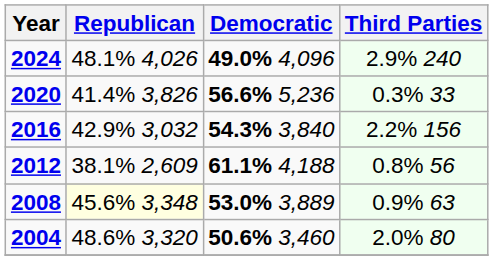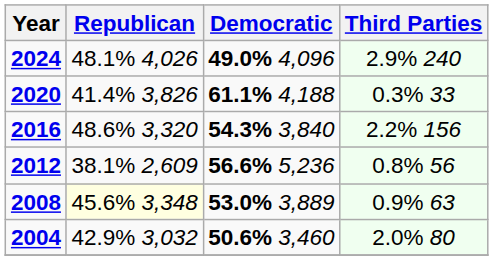 <table class="wikitable" style="float:right; font-size:95%;">
 <tr>
 <th>Year</th>
 <th><a href='#'>Republican</a></th>
 <th><a href='#'>Democratic</a></th>
 <th><a href='#'>Third Parties</a></th>
 </tr>
 <tr>
 <td style="text-align:center;" ><strong><a href='#'>2024</a></strong></td>
 <td style="text-align:center;" >48.1% <em>4,026</em></td>
 <td style="text-align:center;" ><strong>49.0%</strong>  <em>4,096</em></td>
 <td style="text-align:center; background:honeyDew;">2.9% <em>240</em></td>
 </tr>
 <tr>
 <td style="text-align:center;" ><strong><a href='#'>2020</a></strong></td>
 <td style="text-align:center;" >41.4% <em>3,826</em></td>
-<td style="text-align:center;" ><strong>56.6%</strong>  <em>5,236</em></td>
+<td style="text-align:center;" ><strong>61.1%</strong> <em>4,188</em></td>
 <td style="text-align:center; background:honeyDew;">0.3% <em>33</em></td>
 </tr>
 <tr>
 <td style="text-align:center;" ><strong><a href='#'>2016</a></strong></td>
-<td style="text-align:center;" >42.9% <em>3,032</em></td>
+<td style="text-align:center;" >48.6% <em>3,320</em></td>
 <td style="text-align:center;" ><strong>54.3%</strong> <em>3,840</em></td>
 <td style="text-align:center; background:honeyDew;">2.2% <em>156</em></td>
 </tr>
 <tr>
 <td style="text-align:center;" ><strong><a href='#'>2012</a></strong></td>
 <td style="text-align:center;" >38.1% <em>2,609</em></td>
-<td style="text-align:center;" ><strong>61.1%</strong> <em>4,188</em></td>
+<td style="text-align:center;" ><strong>56.6%</strong>  <em>5,236</em></td>
 <td style="text-align:center; background:honeyDew;">0.8% <em>56</em></td>
 </tr>
 <tr>
 <td style="text-align:center;" ><strong><a href='#'>2008</a></strong></td>
 <td style="background: lightyellow; text-align:center;" >45.6%  <em>3,348</em></td>
 <td style="text-align:center;" ><strong>53.0%</strong> <em>3,889</em></td>
 <td style="text-align:center; background:honeyDew;">0.9% <em>63</em></td>
 </tr>
 <tr>
 <td style="text-align:center;" ><strong><a href='#'>2004</a></strong></td>
-<td style="text-align:center;" >48.6% <em>3,320</em></td>
+<td style="text-align:center;" >42.9% <em>3,032</em></td>
 <td style="text-align:center;" ><strong>50.6%</strong>   <em>3,460</em></td>
 <td style="text-align:center; background:honeyDew;">2.0% <em>80</em></td>
 </tr>
 <tr>
 </tr>
 </table>
